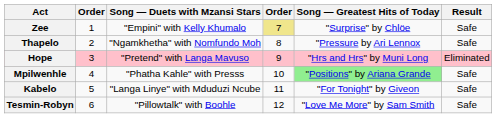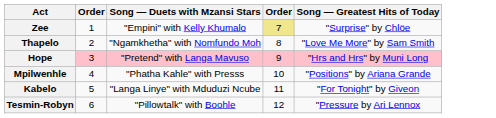 <table class="wikitable plainrowheaders" style="text-align:center;">
 <tr>
 <th scope"col">Act</th>
 <th scope"col">Order</th>
 <th scope"col">Song — Duets with Mzansi Stars</th>
 <th scope"col">Order</th>
 <th scope"col">Song — Greatest Hits of Today</th>
-<th scope"col">Result</th>
 </tr>
 <tr>
 <th scope=row>Zee</th>
 <td>1</td>
 <td>"Empini" with <a href='#'>Kelly Khumalo</a></td>
 <td style="background: khaki;">7</td>
 <td>"<a href='#'>Surprise</a>" by <a href='#'>Chlöe</a></td>
-<td>Safe</td>
 </tr>
 <tr>
 <th scope=row>Thapelo</th>
 <td>2</td>
 <td>"Ngamkhetha" with <a href='#'>Nomfundo Moh</a></td>
 <td>8</td>
-<td>"<a href='#'>Pressure</a> by <a href='#'>Ari Lennox</a></td>
-<td>Safe</td>
+<td>"<a href='#'>Love Me More</a>" by <a href='#'>Sam Smith</a></td>
 </tr>
 <tr style="background: pink">
 <th scope=row>Hope</th>
 <td>3</td>
 <td>"Pretend" with <a href='#'>Langa Mavuso</a></td>
 <td>9</td>
 <td>"<a href='#'>Hrs and Hrs</a>" by <a href='#'>Muni Long</a></td>
-<td>Eliminated</td>
 </tr>
 <tr>
 <th scope=row>Mpilwenhle</th>
 <td>4</td>
 <td>"Phatha Kahle" with Presss</td>
 <td>10</td>
-<td style="background: lightgreen;">"<a href='#'>Positions</a>" by <a href='#'>Ariana Grande</a></td>
-<td>Safe</td>
+<td>"<a href='#'>Positions</a>" by <a href='#'>Ariana Grande</a></td>
 </tr>
 <tr>
 <th scope=row>Kabelo</th>
 <td>5</td>
 <td>"Langa Linye" with Mduduzi Ncube</td>
 <td>11</td>
 <td>"<a href='#'>For Tonight</a>" by <a href='#'>Giveon</a></td>
-<td>Safe</td>
 </tr>
 <tr>
 <th scope=row>Tesmin-Robyn</th>
 <td>6</td>
 <td>"Pillowtalk" with <a href='#'>Boohle</a></td>
 <td>12</td>
-<td>"<a href='#'>Love Me More</a>" by <a href='#'>Sam Smith</a></td>
-<td>Safe</td>
+<td>"<a href='#'>Pressure</a> by <a href='#'>Ari Lennox</a></td>
 </tr>
 </table>
